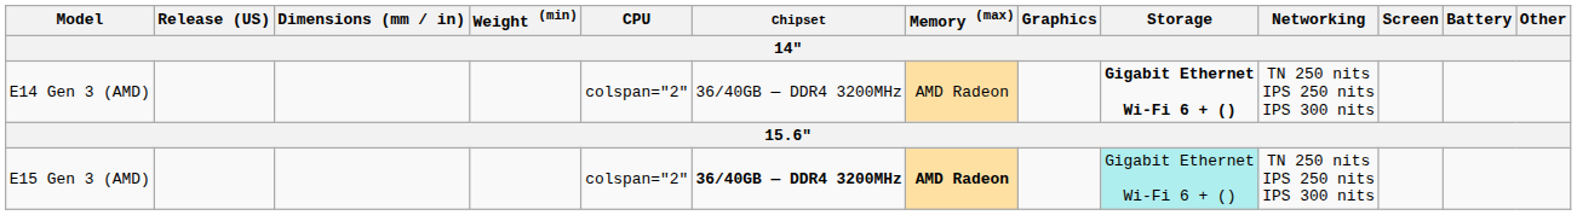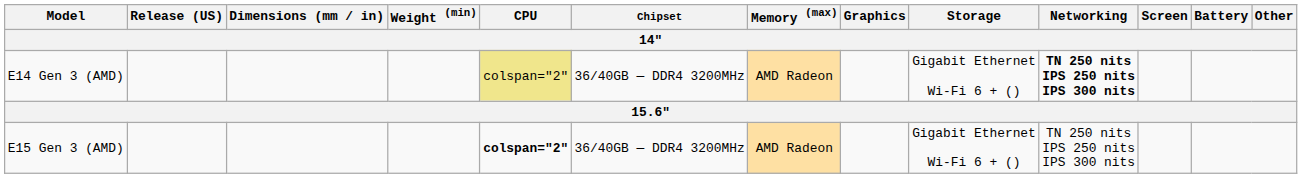 <table class="wikitable" style="font-size: 80%; text-align: center; min-width: 80%;">
 <tr>
 <th>Model</th>
 <th>Release (US)</th>
 <th>Dimensions (mm / in)</th>
 <th>Weight <sup>(min)</sup></th>
 <th>CPU</th>
 <th><small>Chipset</small></th>
 <th>Memory <sup>(max)</sup></th>
 <th>Graphics</th>
 <th>Storage</th>
 <th>Networking</th>
 <th>Screen</th>
 <th>Battery</th>
 <th>Other</th>
 </tr>
 <tr>
 <th colspan="13">14"</th>
 </tr>
 <tr>
 <td>E14 Gen 3 (AMD)</td>
 <td></td>
 <td></td>
 <td></td>
-<td>colspan="2" </td>
+<td style="background: khaki;">colspan="2" </td>
 <td style="background:">36/40GB — DDR4 3200MHz<br> </td>
 <td style="background:#fee0a3;">AMD Radeon</td>
 <td></td>
-<td><strong>Gigabit Ethernet<br><br>Wi-Fi 6 +  ()<br><small> </small></strong></td>
-<td style="background:"> TN 250 nits<br> IPS 250 nits<br> IPS 300 nits</td>
+<td>Gigabit Ethernet<br><br>Wi-Fi 6 +  ()<br><small> </small></td>
+<td style="background:"><strong> TN 250 nits<br> IPS 250 nits<br> IPS 300 nits</strong></td>
 <td></td>
 </tr>
 <tr>
 <th colspan="13">15.6"</th>
 </tr>
 <tr>
 <td>E15 Gen 3 (AMD)</td>
 <td></td>
 <td></td>
 <td></td>
-<td>colspan="2" </td>
-<td style="background:"><strong>36/40GB — DDR4 3200MHz<br> </strong></td>
-<td style="background:#fee0a3;"><strong>AMD Radeon</strong></td>
+<td><strong>colspan="2" </strong></td>
+<td style="background:">36/40GB — DDR4 3200MHz<br> </td>
+<td style="background:#fee0a3;">AMD Radeon</td>
 <td></td>
-<td style="background: paleturquoise;">Gigabit Ethernet<br><br>Wi-Fi 6 +  ()<br><small> </small></td>
+<td>Gigabit Ethernet<br><br>Wi-Fi 6 +  ()<br><small> </small></td>
 <td style="background:"> TN 250 nits<br> IPS 250 nits<br> IPS 300 nits</td>
 <td></td>
 </tr>
 </table>
